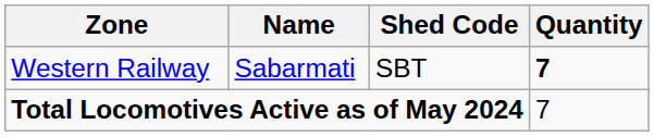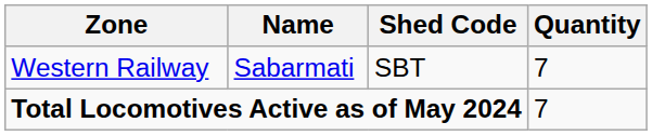 <table class="wikitable">
 <tr>
 <th>Zone</th>
 <th>Name</th>
 <th>Shed Code</th>
 <th>Quantity</th>
 </tr>
 <tr>
 <td><a href='#'>Western Railway</a></td>
 <td><a href='#'>Sabarmati</a></td>
 <td>SBT</td>
-<td><strong>7</strong></td>
+<td>7</td>
 </tr>
 <tr>
 <td colspan="3"><strong>Total Locomotives Active as of May 2024</strong></td>
 <td>7</td>
 </tr>
 </table>
